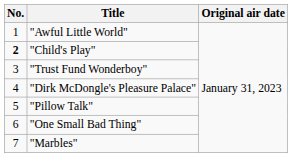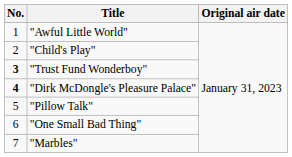 <table class="wikitable">
 <tr>
 <th>No.</th>
 <th>Title</th>
 <th>Original air date</th>
 </tr>
 <tr>
 <td align=center>1</td>
 <td>"Awful Little World"</td>
 <td rowspan="7">January 31, 2023</td>
 </tr>
 <tr>
-<td align=center><strong>2</strong></td>
+<td align=center>2</td>
 <td>"Child's Play"</td>
 </tr>
 <tr>
-<td align=center>3</td>
+<td align=center><strong>3</strong></td>
 <td>"Trust Fund Wonderboy"</td>
 </tr>
 <tr>
-<td align=center>4</td>
+<td align=center><strong>4</strong></td>
 <td>"Dirk McDongle's Pleasure Palace"</td>
 </tr>
 <tr>
 <td align=center>5</td>
 <td>"Pillow Talk"</td>
 </tr>
 <tr>
 <td align=center>6</td>
 <td>"One Small Bad Thing"</td>
 </tr>
 <tr>
 <td align=center>7</td>
 <td>"Marbles"</td>
 </tr>
 </table>
